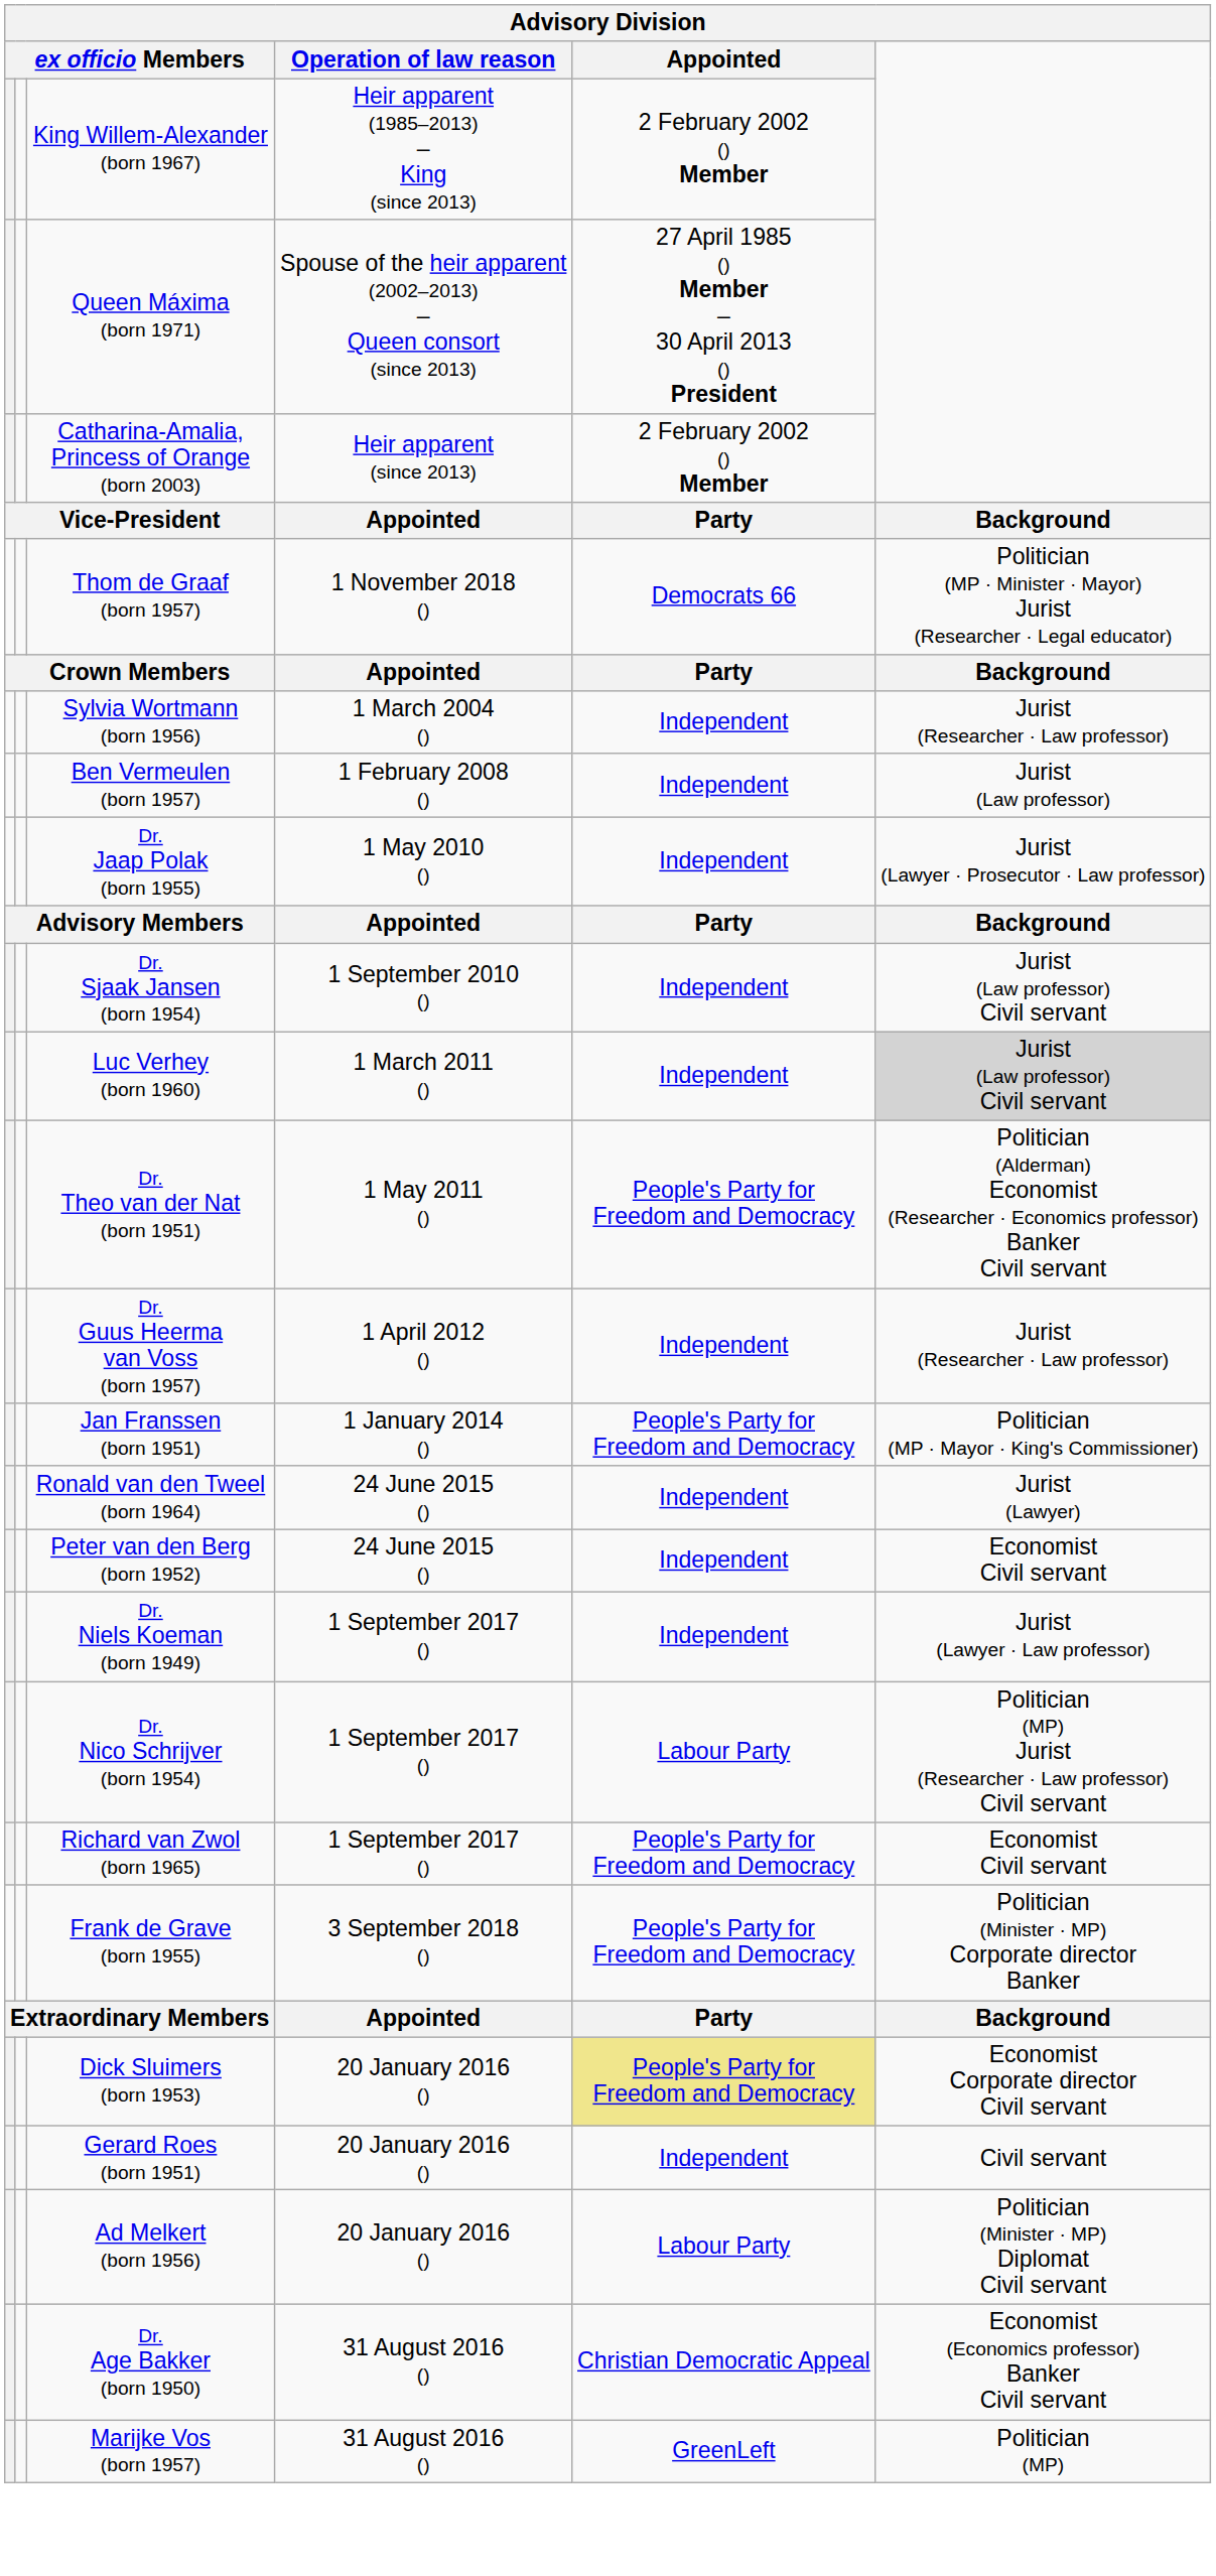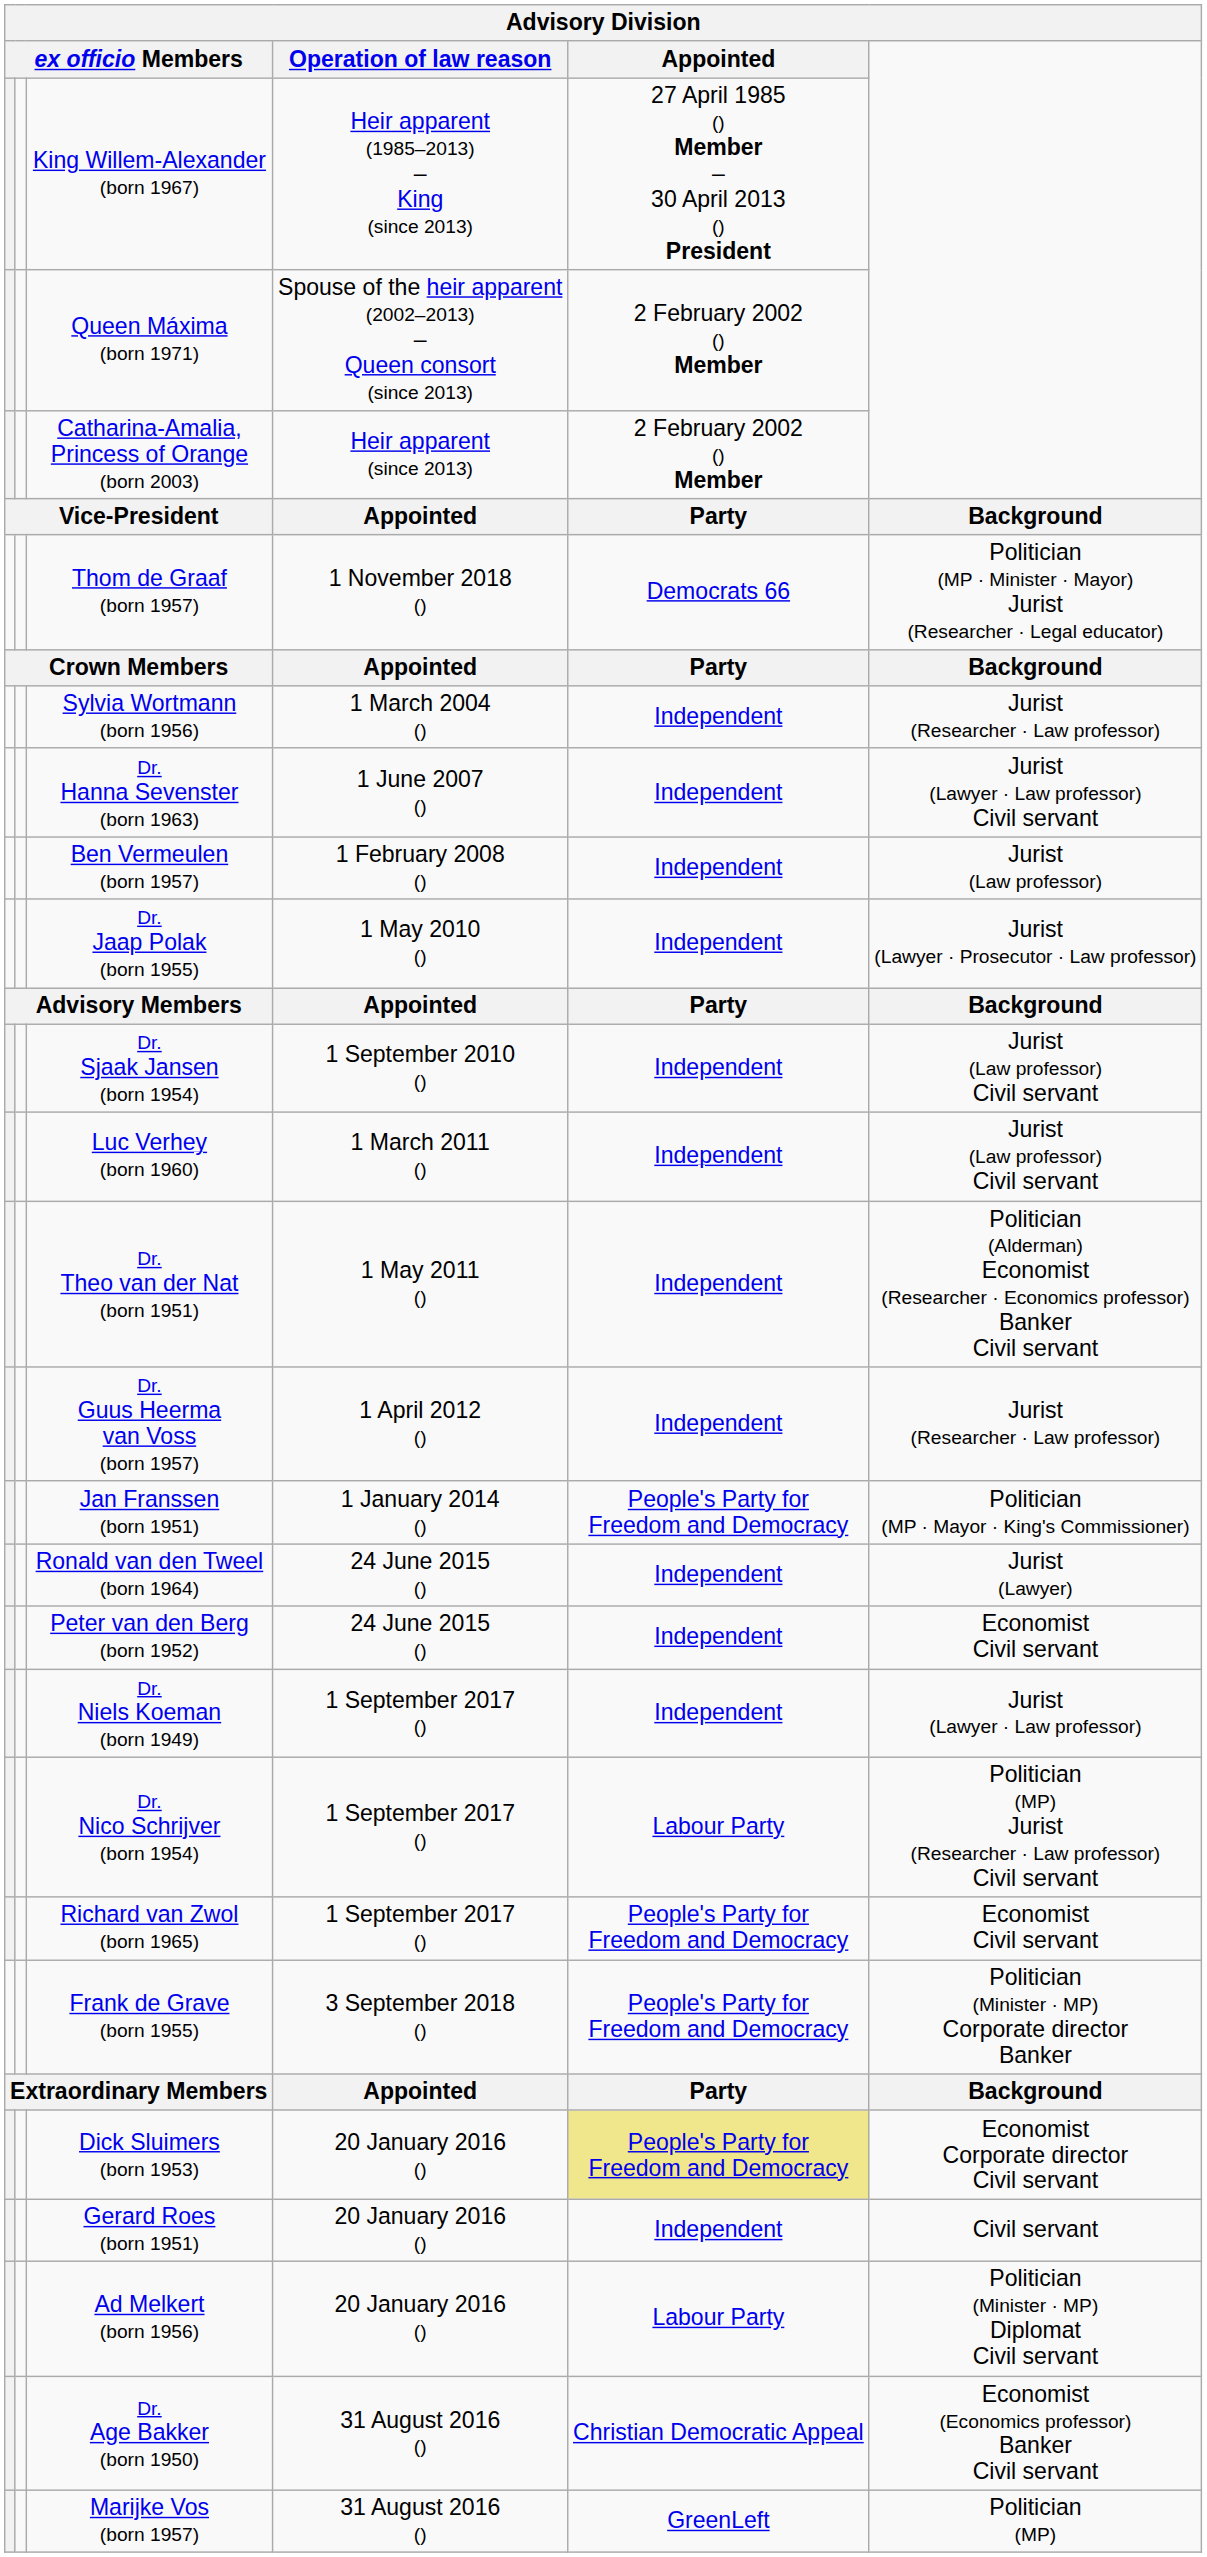 <table class="wikitable" style="text-align:center">
 <tr>
 <th colspan=6>Advisory Division</th>
 </tr>
 <tr>
 <th colspan=3><em><a href='#'>ex officio</a></em> Members</th>
 <th><a href='#'>Operation of law reason</a></th>
 <th>Appointed</th>
 </tr>
 <tr>
 <th style="background:"></th>
 <td></td>
 <td><a href='#'>King Willem-Alexander</a> <br> <small>(born 1967)</small></td>
 <td><a href='#'>Heir apparent</a> <br> <small>(1985–2013)</small> <br> – <br> <a href='#'>King</a> <br> <small>(since 2013)</small></td>
-<td>2 February 2002 <br> <small>()</small> <br> <strong>Member</strong></td>
+<td>27 April 1985 <br> <small>()</small> <br> <strong>Member</strong> <br> – <br> 30 April 2013 <br> <small>()</small> <br> <strong>President</strong></td>
 </tr>
 <tr>
 <th style="background:"></th>
 <td></td>
 <td><a href='#'>Queen Máxima</a> <br> <small>(born 1971)</small></td>
 <td>Spouse of the <a href='#'>heir apparent</a> <br> <small>(2002–2013)</small> <br> – <br> <a href='#'>Queen consort</a> <br> <small>(since 2013)</small></td>
-<td>27 April 1985 <br> <small>()</small> <br> <strong>Member</strong> <br> – <br> 30 April 2013 <br> <small>()</small> <br> <strong>President</strong></td>
+<td>2 February 2002 <br> <small>()</small> <br> <strong>Member</strong></td>
 </tr>
 <tr>
 <th style="background:"></th>
 <td></td>
 <td><a href='#'>Catharina-Amalia,<br>Princess of Orange</a> <br> <small>(born 2003)</small></td>
 <td><a href='#'>Heir apparent</a> <br> <small>(since 2013)</small></td>
 <td>2 February 2002 <br> <small>()</small> <br> <strong>Member</strong></td>
 </tr>
 <tr>
 <th colspan=3>Vice-President</th>
 <th>Appointed</th>
 <th>Party</th>
 <th>Background</th>
 </tr>
 <tr>
 <td style="background:"></td>
 <td></td>
 <td><a href='#'>Thom de Graaf</a> <br> <small>(born 1957)</small></td>
 <td>1 November 2018 <br> <small>()</small></td>
 <td><a href='#'>Democrats 66</a></td>
 <td>Politician <br> <small>(MP · Minister · Mayor)</small> <br> Jurist <br> <small>(Researcher · Legal educator)</small></td>
 </tr>
 <tr>
 <th colspan=3>Crown Members</th>
 <th>Appointed</th>
 <th>Party</th>
 <th>Background</th>
 </tr>
 <tr>
 <td style="background:"></td>
 <td></td>
 <td><a href='#'>Sylvia Wortmann</a> <br> <small>(born 1956)</small></td>
 <td>1 March 2004 <br> <small>()</small></td>
 <td><a href='#'>Independent</a></td>
 <td>Jurist <br> <small>(Researcher · Law professor)</small></td>
 </tr>
 <tr>
 <td style="background:"></td>
 <td></td>
+<td><small><a href='#'>Dr.</a></small> <br> <a href='#'>Hanna Sevenster</a> <br> <small>(born 1963)</small></td>
+<td>1 June 2007 <br> <small>()</small></td>
+<td><a href='#'>Independent</a></td>
+<td>Jurist <br> <small>(Lawyer · Law professor)</small> <br> Civil servant</td>
+</tr>
+<tr>
+<td style="background:"></td>
+<td></td>
 <td><a href='#'>Ben Vermeulen</a> <br> <small>(born 1957)</small></td>
 <td>1 February 2008 <br> <small>()</small></td>
 <td><a href='#'>Independent</a></td>
 <td>Jurist <br> <small>(Law professor)</small></td>
 </tr>
 <tr>
 <td style="background:"></td>
 <td></td>
 <td><small><a href='#'>Dr.</a></small> <br> <a href='#'>Jaap Polak</a> <br> <small>(born 1955)</small></td>
 <td>1 May 2010 <br> <small>()</small></td>
 <td><a href='#'>Independent</a></td>
 <td>Jurist <br> <small>(Lawyer · Prosecutor · Law professor)</small></td>
 </tr>
 <tr>
 <th colspan=3>Advisory Members</th>
 <th>Appointed</th>
 <th>Party</th>
 <th>Background</th>
 </tr>
 <tr>
 <th style="background:"></th>
 <td></td>
 <td><small><a href='#'>Dr.</a></small> <br> <a href='#'>Sjaak Jansen</a> <br> <small>(born 1954)</small></td>
 <td>1 September 2010 <br> <small>()</small></td>
 <td><a href='#'>Independent</a></td>
 <td>Jurist <br> <small>(Law professor)</small> <br> Civil servant</td>
 </tr>
 <tr>
 <th style="background:"></th>
 <td></td>
 <td><a href='#'>Luc Verhey</a> <br> <small>(born 1960)</small></td>
 <td>1 March 2011 <br> <small>()</small></td>
 <td><a href='#'>Independent</a></td>
-<td style="background: lightgrey;">Jurist <br> <small>(Law professor)</small> <br> Civil servant</td>
+<td>Jurist <br> <small>(Law professor)</small> <br> Civil servant</td>
 </tr>
 <tr>
 <th style="background:"></th>
 <td></td>
 <td><small><a href='#'>Dr.</a></small> <br> <a href='#'>Theo van der Nat</a> <br> <small>(born 1951)</small></td>
 <td>1 May 2011 <br> <small>()</small></td>
-<td><a href='#'>People's Party for <br> Freedom and Democracy</a></td>
+<td><a href='#'>Independent</a></td>
 <td>Politician <br> <small>(Alderman)</small> <br> Economist <br> <small>(Researcher · Economics professor)</small> <br> Banker <br> Civil servant</td>
 </tr>
 <tr>
 <th style="background:"></th>
 <td></td>
 <td><small><a href='#'>Dr.</a></small> <br> <a href='#'>Guus Heerma <br> van Voss</a> <br> <small>(born 1957)</small></td>
 <td>1 April 2012 <br> <small>()</small></td>
 <td><a href='#'>Independent</a></td>
 <td>Jurist <br> <small>(Researcher · Law professor)</small></td>
 </tr>
 <tr>
 <th style="background:"></th>
 <td></td>
 <td><a href='#'>Jan Franssen</a> <br> <small>(born 1951)</small></td>
 <td>1 January 2014 <br> <small>()</small></td>
 <td><a href='#'>People's Party for <br> Freedom and Democracy</a></td>
 <td>Politician <br> <small>(MP · Mayor · King's Commissioner)</small></td>
 </tr>
 <tr>
 <th style="background:"></th>
 <td></td>
 <td><a href='#'>Ronald van den Tweel</a> <br> <small>(born 1964)</small></td>
 <td>24 June 2015 <br> <small>()</small></td>
 <td><a href='#'>Independent</a></td>
 <td>Jurist <br> <small>(Lawyer)</small></td>
 </tr>
 <tr>
 <th style="background:"></th>
 <td></td>
 <td><a href='#'>Peter van den Berg</a> <br> <small>(born 1952)</small></td>
 <td>24 June 2015 <br> <small>()</small></td>
 <td><a href='#'>Independent</a></td>
 <td>Economist <br> Civil servant</td>
 </tr>
 <tr>
 <th style="background:"></th>
 <td></td>
 <td><small><a href='#'>Dr.</a></small> <br> <a href='#'>Niels Koeman</a> <br> <small>(born 1949)</small></td>
 <td>1 September 2017 <br> <small>()</small></td>
 <td><a href='#'>Independent</a></td>
 <td>Jurist <br> <small>(Lawyer · Law professor)</small></td>
 </tr>
 <tr>
 <th style="background:"></th>
 <td></td>
 <td><small><a href='#'>Dr.</a></small> <br> <a href='#'>Nico Schrijver</a> <br> <small>(born 1954)</small></td>
 <td>1 September 2017 <br> <small>()</small></td>
 <td><a href='#'>Labour Party</a></td>
 <td>Politician <br> <small>(MP)</small> <br> Jurist <br> <small>(Researcher · Law professor)</small> <br> Civil servant</td>
 </tr>
 <tr>
 <th style="background:"></th>
 <td></td>
 <td><a href='#'>Richard van Zwol</a> <br> <small>(born 1965)</small></td>
 <td>1 September 2017 <br> <small>()</small></td>
 <td><a href='#'>People's Party for <br> Freedom and Democracy</a></td>
 <td>Economist <br> Civil servant</td>
 </tr>
 <tr>
 <td style="background:"></td>
 <td></td>
 <td><a href='#'>Frank de Grave</a> <br> <small>(born 1955)</small></td>
 <td>3 September 2018 <br> <small>()</small></td>
 <td><a href='#'>People's Party for <br> Freedom and Democracy</a></td>
 <td>Politician <br> <small>(Minister · MP)</small> <br> Corporate director <br> Banker</td>
 </tr>
 <tr>
 <th colspan=3>Extraordinary Members</th>
 <th>Appointed</th>
 <th>Party</th>
 <th>Background</th>
 </tr>
 <tr>
 <th style="background:"></th>
 <td></td>
 <td><a href='#'>Dick Sluimers</a> <br> <small>(born 1953)</small></td>
 <td>20 January 2016 <br> <small>()</small></td>
 <td style="background: khaki;"><a href='#'>People's Party for <br> Freedom and Democracy</a></td>
 <td>Economist <br> Corporate director <br> Civil servant</td>
 </tr>
 <tr>
 <th style="background:"></th>
 <td></td>
 <td><a href='#'>Gerard Roes</a> <br> <small>(born 1951)</small></td>
 <td>20 January 2016 <br> <small>()</small></td>
 <td><a href='#'>Independent</a></td>
 <td>Civil servant</td>
 </tr>
 <tr>
 <th style="background:"></th>
 <td></td>
 <td><a href='#'>Ad Melkert</a> <br> <small>(born 1956)</small></td>
 <td>20 January 2016 <br> <small>()</small></td>
 <td><a href='#'>Labour Party</a></td>
 <td>Politician <br> <small>(Minister · MP)</small> <br> Diplomat <br> Civil servant</td>
 </tr>
 <tr>
 <th style="background:"></th>
 <td></td>
 <td><small><a href='#'>Dr.</a></small> <br> <a href='#'>Age Bakker</a> <br> <small>(born 1950)</small></td>
 <td>31 August 2016 <br> <small>()</small></td>
 <td><a href='#'>Christian Democratic Appeal</a></td>
 <td>Economist <br> <small>(Economics professor)</small> <br> Banker <br> Civil servant</td>
 </tr>
 <tr>
 <th style="background:"></th>
 <td></td>
 <td><a href='#'>Marijke Vos</a> <br> <small>(born 1957)</small></td>
 <td>31 August 2016 <br> <small>()</small></td>
 <td><a href='#'>GreenLeft</a></td>
 <td>Politician <br> <small>(MP)</small></td>
 </tr>
 </table>
